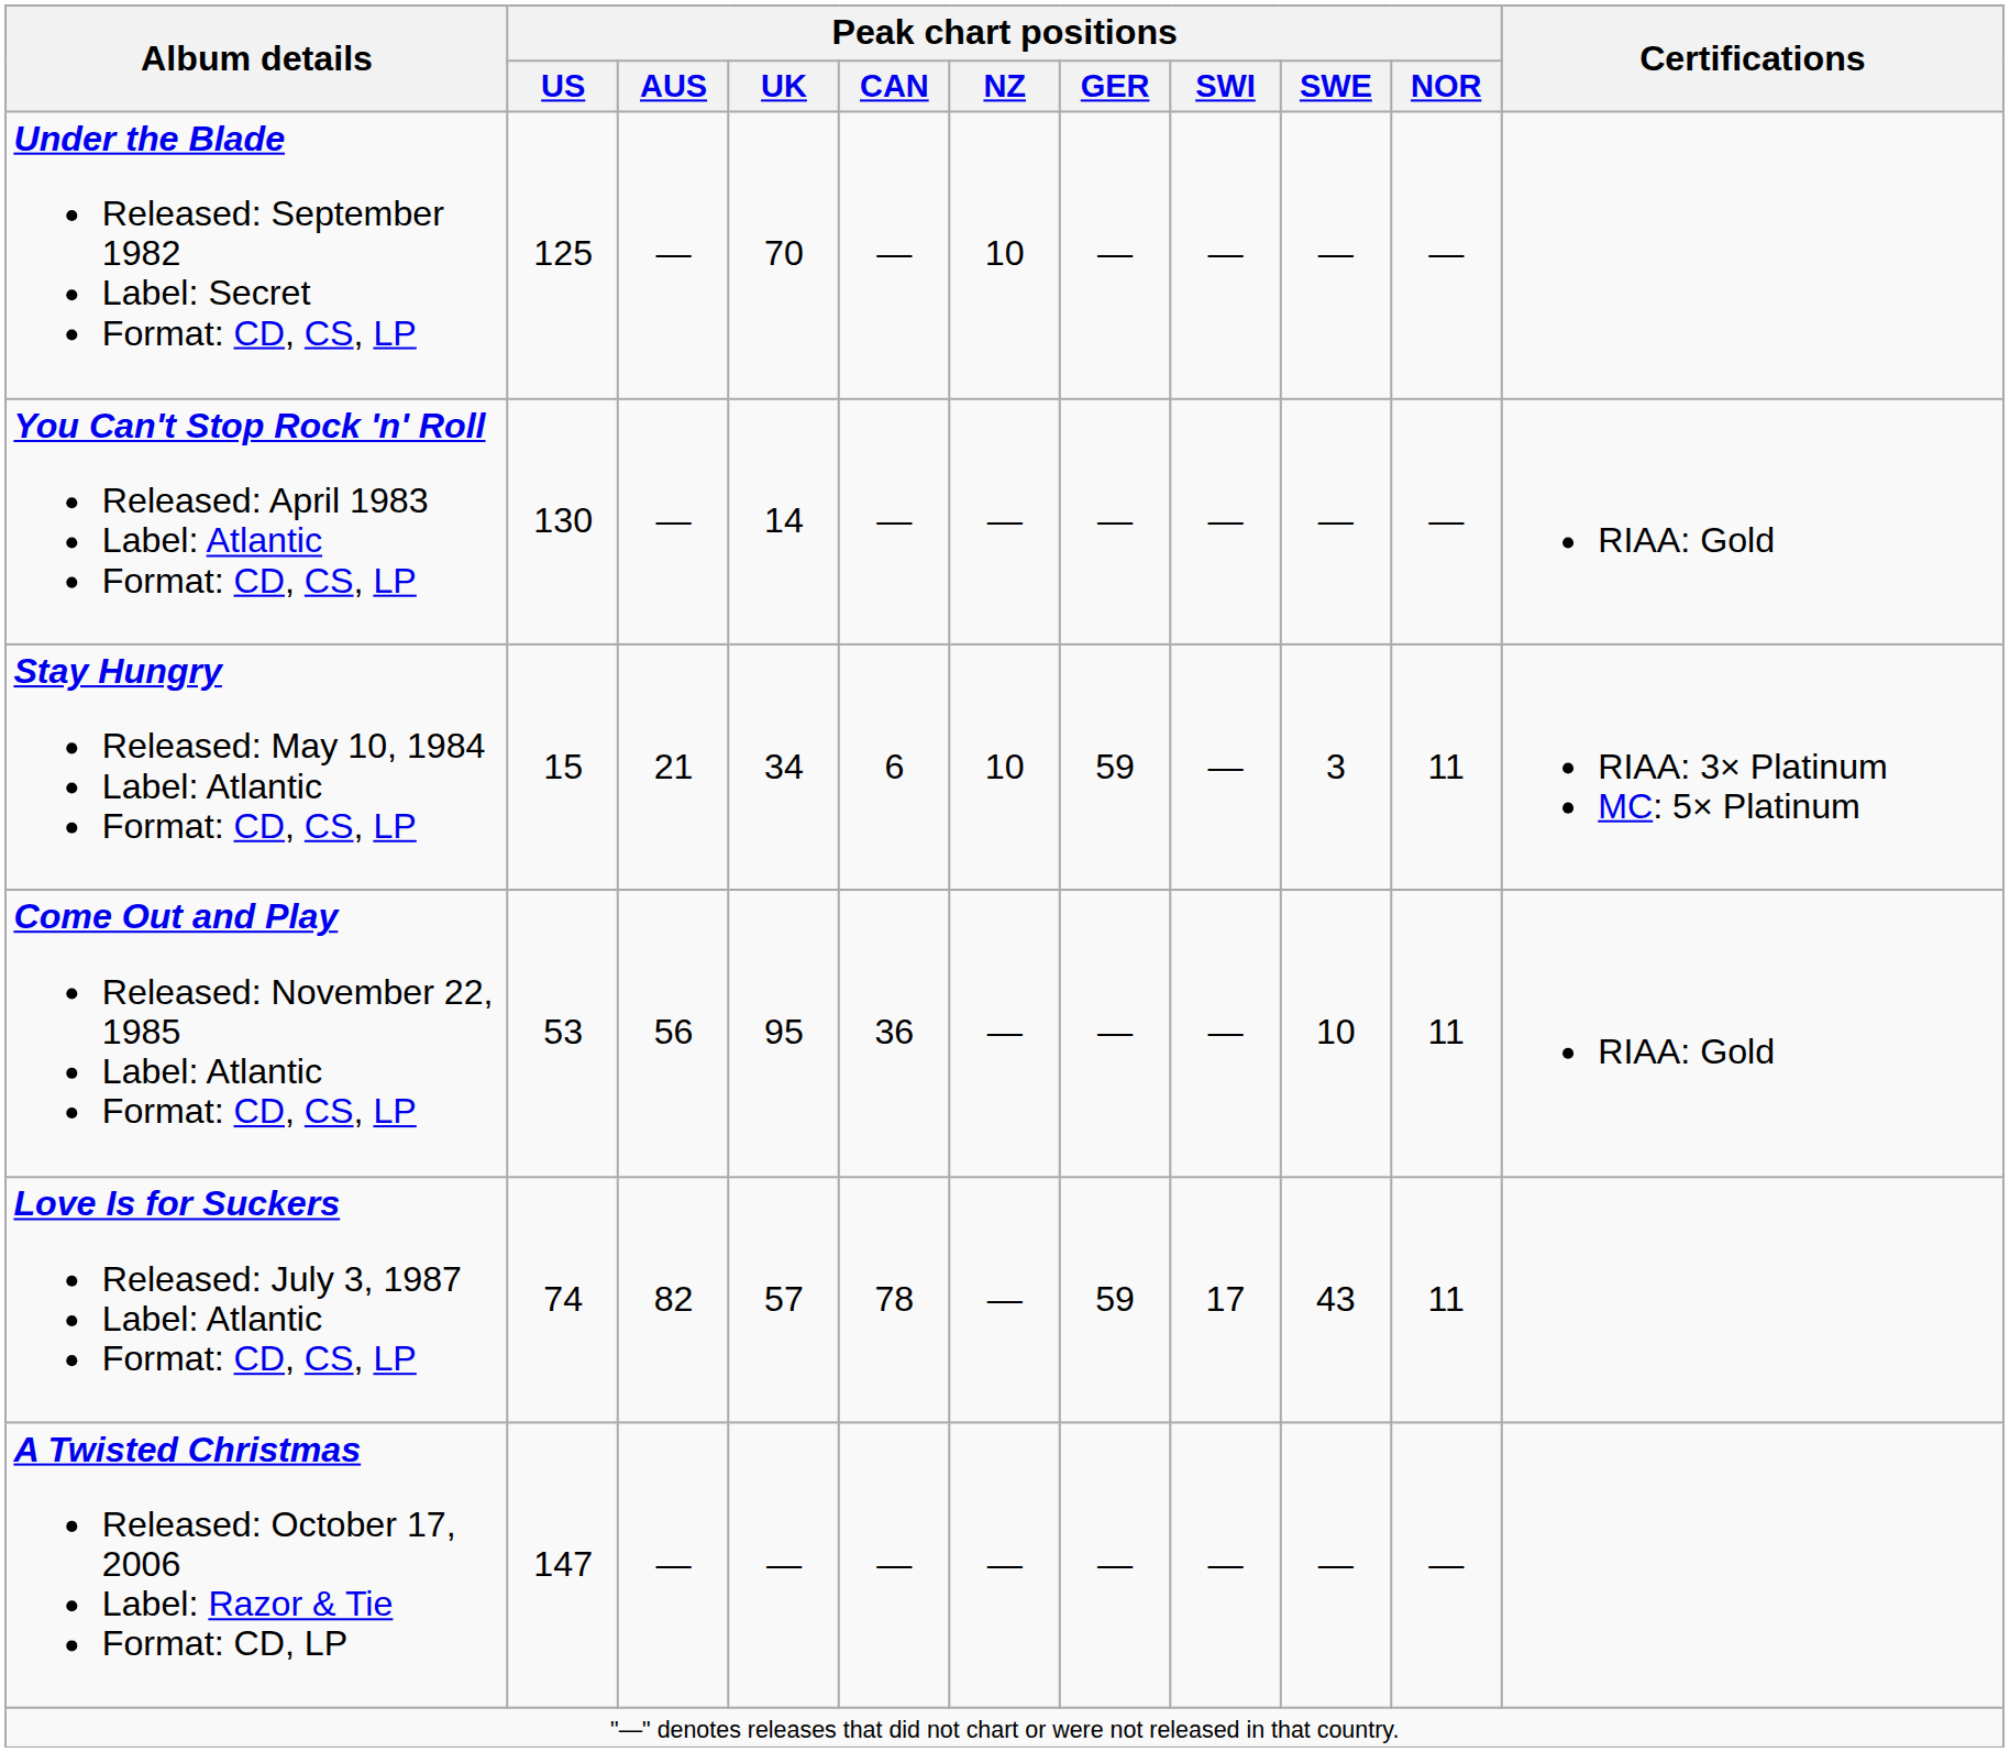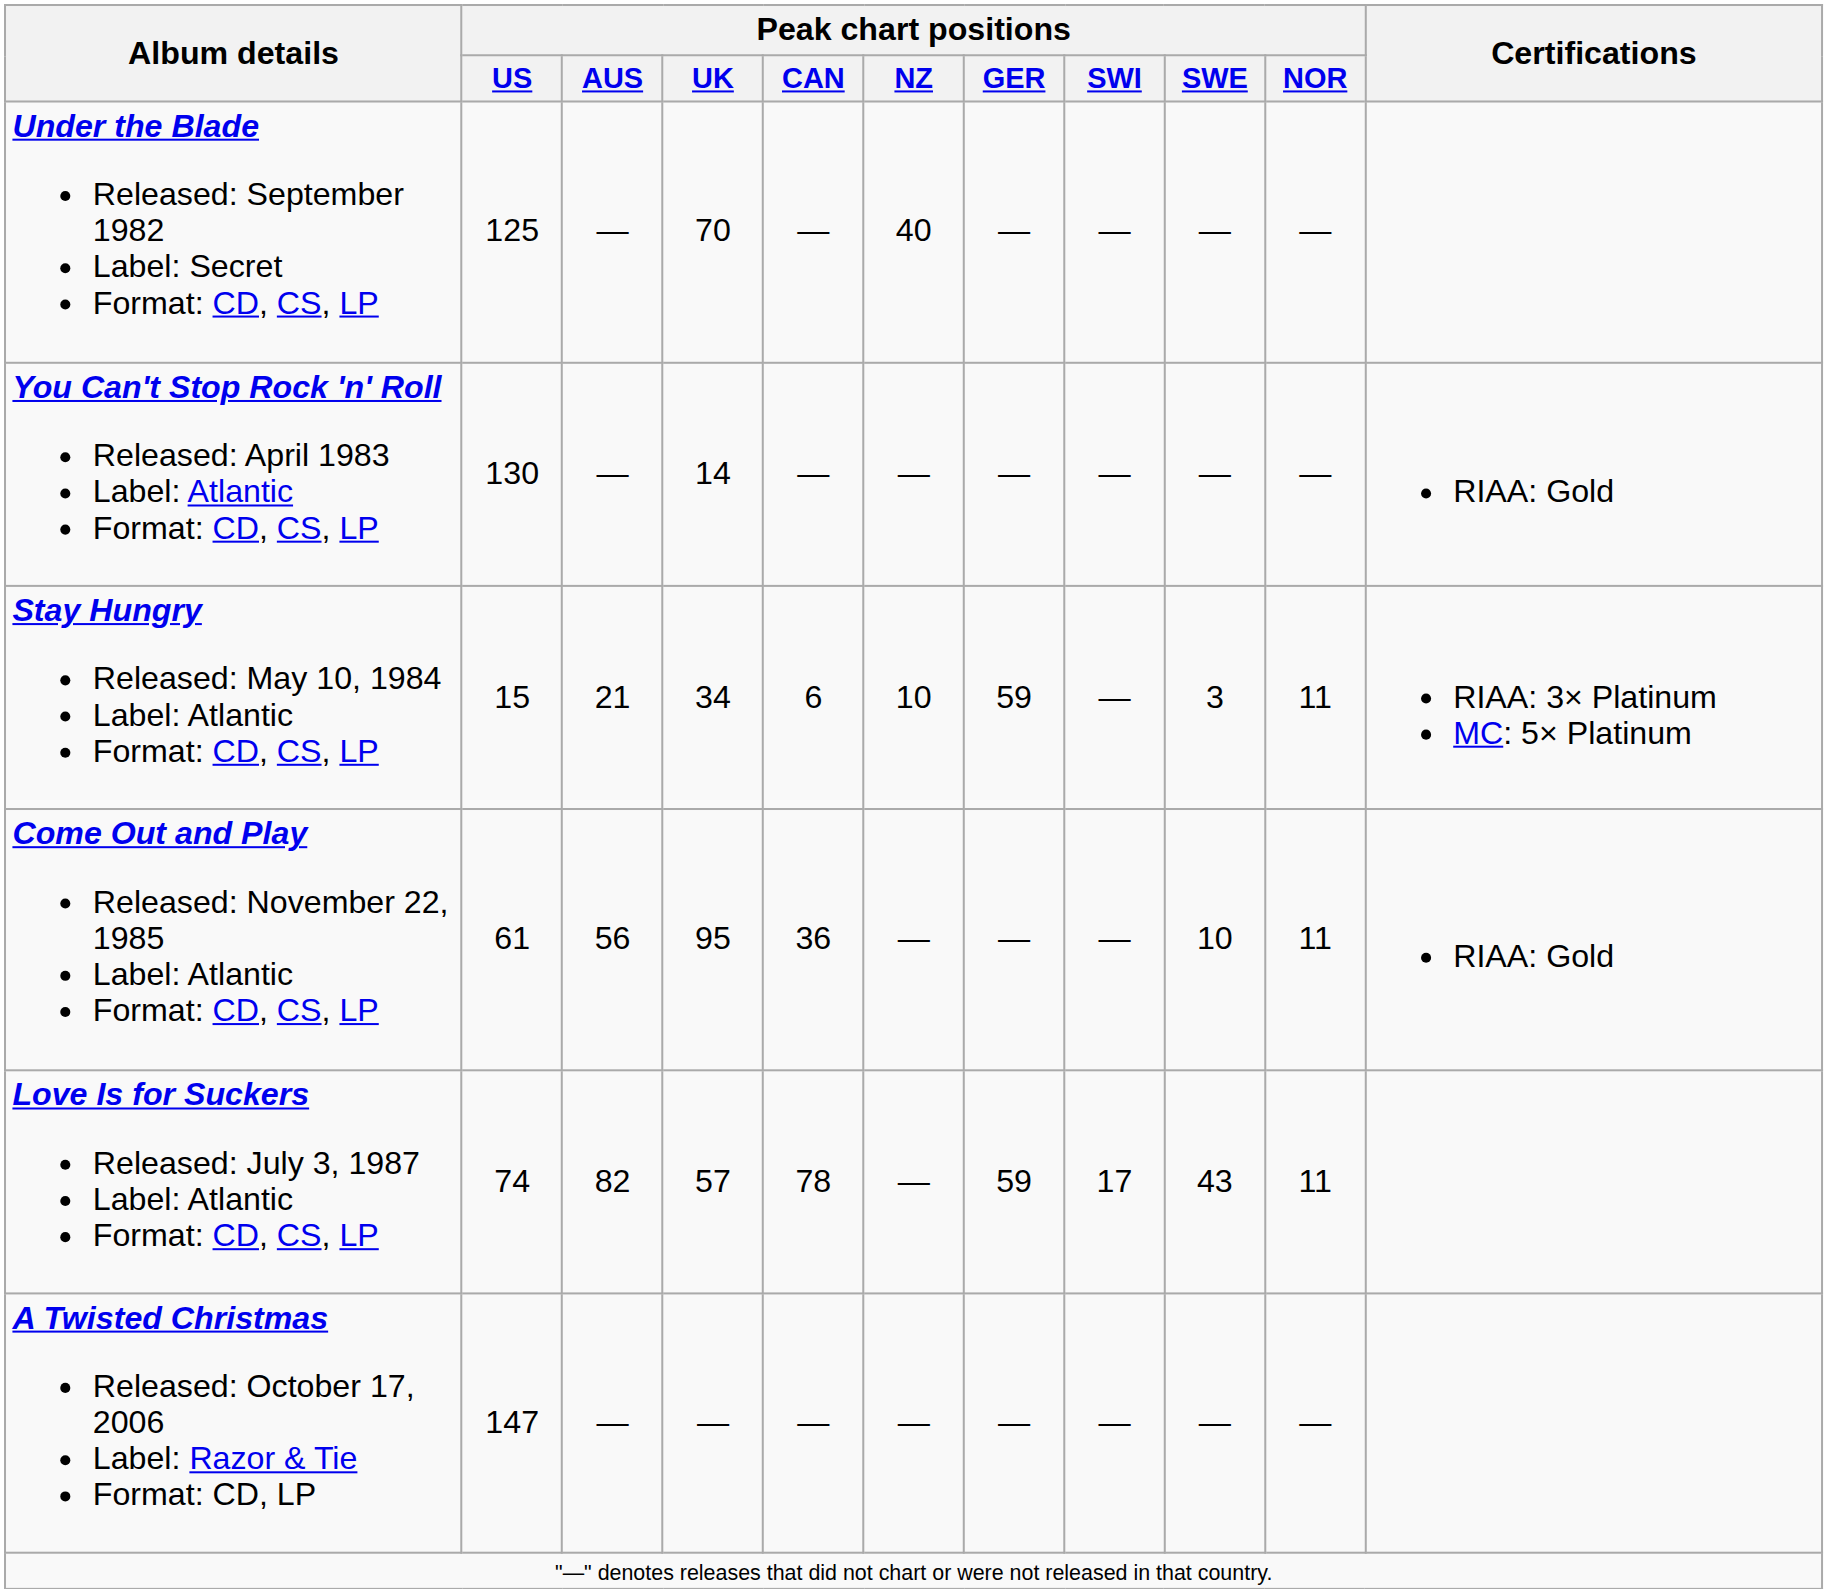 <table class="wikitable">
 <tr>
 <th rowspan="2" width="220">Album details</th>
 <th colspan="9">Peak chart positions</th>
 <th rowspan="2" width="220">Certifications</th>
 </tr>
 <tr>
 <th scope="col" style="width:3em;font-size:90%;"><a href='#'>US</a></th>
 <th scope="col" style="width:3em;font-size:90%;"><a href='#'>AUS</a></th>
 <th scope="col" style="width:3em;font-size:90%;"><a href='#'>UK</a></th>
 <th scope="col" style="width:3em;font-size:90%;"><a href='#'>CAN</a></th>
 <th scope="col" style="width:3em;font-size:90%;"><a href='#'>NZ</a></th>
 <th scope="col" style="width:3em;font-size:90%;"><a href='#'>GER</a></th>
 <th scope="col" style="width:3em;font-size:90%;"><a href='#'>SWI</a></th>
 <th scope="col" style="width:3em;font-size:90%;"><a href='#'>SWE</a></th>
 <th scope="col" style="width:3em;font-size:90%;"><a href='#'>NOR</a></th>
 </tr>
 <tr>
 <td><strong><em><a href='#'>Under the Blade</a></em></strong><br><ul><li>Released: September 1982</li><li>Label: Secret</li><li>Format: <a href='#'>CD</a>, <a href='#'>CS</a>, <a href='#'>LP</a></li></ul></td>
 <td align="center">125</td>
 <td align="center">—</td>
 <td align="center">70</td>
 <td align="center">—</td>
-<td align="center">10</td>
+<td align="center">40</td>
 <td align="center">—</td>
 <td align="center">—</td>
 <td align="center">—</td>
 <td align="center">—</td>
 <td></td>
 </tr>
 <tr>
 <td><strong><em><a href='#'>You Can't Stop Rock 'n' Roll</a></em></strong><br><ul><li>Released: April 1983</li><li>Label: <a href='#'>Atlantic</a></li><li>Format: <a href='#'>CD</a>, <a href='#'>CS</a>, <a href='#'>LP</a></li></ul></td>
 <td align="center">130</td>
 <td align="center">—</td>
 <td align="center">14</td>
 <td align="center">—</td>
 <td align="center">—</td>
 <td align="center">—</td>
 <td align="center">—</td>
 <td align="center">—</td>
 <td align="center">—</td>
 <td><br><ul><li>RIAA: Gold</li></ul></td>
 </tr>
 <tr>
 <td><strong><em><a href='#'>Stay Hungry</a></em></strong><br><ul><li>Released: May 10, 1984</li><li>Label: Atlantic</li><li>Format: <a href='#'>CD</a>, <a href='#'>CS</a>, <a href='#'>LP</a></li></ul></td>
 <td align="center">15</td>
 <td align="center">21</td>
 <td align="center">34</td>
 <td align="center">6</td>
 <td align="center">10</td>
 <td align="center">59</td>
 <td align="center">—</td>
 <td align="center">3</td>
 <td align="center">11</td>
 <td><br><ul><li>RIAA: 3× Platinum</li><li><a href='#'>MC</a>: 5× Platinum</li></ul></td>
 </tr>
 <tr>
 <td><strong><em><a href='#'>Come Out and Play</a></em></strong><br><ul><li>Released: November 22, 1985</li><li>Label: Atlantic</li><li>Format: <a href='#'>CD</a>, <a href='#'>CS</a>, <a href='#'>LP</a></li></ul></td>
-<td align="center">53</td>
+<td align="center">61</td>
 <td align="center">56</td>
 <td align="center">95</td>
 <td align="center">36</td>
 <td align="center">—</td>
 <td align="center">—</td>
 <td align="center">—</td>
 <td align="center">10</td>
 <td align="center">11</td>
 <td><br><ul><li>RIAA: Gold</li></ul></td>
 </tr>
 <tr>
 <td><strong><em><a href='#'>Love Is for Suckers</a></em></strong><br><ul><li>Released: July 3, 1987</li><li>Label: Atlantic</li><li>Format: <a href='#'>CD</a>, <a href='#'>CS</a>, <a href='#'>LP</a></li></ul></td>
 <td align="center">74</td>
 <td align="center">82</td>
 <td align="center">57</td>
 <td align="center">78</td>
 <td align="center">—</td>
 <td align="center">59</td>
 <td align="center">17</td>
 <td align="center">43</td>
 <td align="center">11</td>
 <td></td>
 </tr>
 <tr>
 <td><strong><em><a href='#'>A Twisted Christmas</a></em></strong><br><ul><li>Released: October 17, 2006</li><li>Label: <a href='#'>Razor & Tie</a></li><li>Format: CD, LP</li></ul></td>
 <td align="center">147</td>
 <td align="center">—</td>
 <td align="center">—</td>
 <td align="center">—</td>
 <td align="center">—</td>
 <td align="center">—</td>
 <td align="center">—</td>
 <td align="center">—</td>
 <td align="center">—</td>
 <td></td>
 </tr>
 <tr>
 <td colspan="11" align="center" style="font-size:8pt">"—" denotes releases that did not chart or were not released in that country.</td>
 </tr>
 </table>
